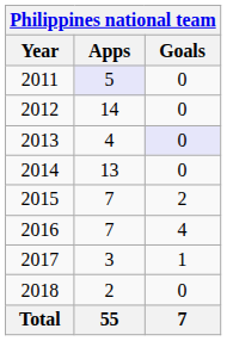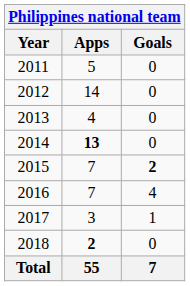 <table class="wikitable" style="text-align:center">
 <tr>
 <th colspan=3><a href='#'>Philippines national team</a></th>
 </tr>
 <tr>
 <th>Year</th>
 <th>Apps</th>
 <th>Goals</th>
 </tr>
 <tr>
 <td>2011</td>
-<td style="background: lavender;">5</td>
+<td>5</td>
 <td>0</td>
 </tr>
 <tr>
 <td>2012</td>
 <td>14</td>
 <td>0</td>
 </tr>
 <tr>
 <td>2013</td>
 <td>4</td>
-<td style="background: lavender;">0</td>
+<td>0</td>
 </tr>
 <tr>
 <td>2014</td>
-<td>13</td>
+<td><strong>13</strong></td>
 <td>0</td>
 </tr>
 <tr>
 <td>2015</td>
 <td>7</td>
-<td>2</td>
+<td><strong>2</strong></td>
 </tr>
 <tr>
 <td>2016</td>
 <td>7</td>
 <td>4</td>
 </tr>
 <tr>
 <td>2017</td>
 <td>3</td>
 <td>1</td>
 </tr>
 <tr>
 <td>2018</td>
-<td>2</td>
+<td><strong>2</strong></td>
 <td>0</td>
 </tr>
 <tr>
 <th>Total</th>
 <th>55</th>
 <th>7</th>
 </tr>
 </table>
